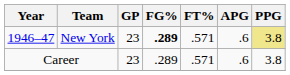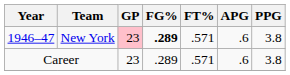 <table class="wikitable sortable" style="font-size:95%; text-align:right;">
 <tr>
 <th>Year</th>
 <th>Team</th>
 <th>GP</th>
 <th>FG%</th>
 <th>FT%</th>
 <th>APG</th>
 <th>PPG</th>
 </tr>
 <tr>
 <td style="text-align:left;"><a href='#'>1946–47</a></td>
 <td style="text-align:left;"><a href='#'>New York</a></td>
-<td>23</td>
+<td style="background: pink;">23</td>
 <td><strong>.289</strong></td>
 <td>.571</td>
 <td>.6</td>
-<td style="background: khaki;">3.8</td>
+<td>3.8</td>
 </tr>
 <tr>
 <td style="text-align:center;" colspan="2">Career</td>
 <td>23</td>
 <td>.289</td>
 <td>.571</td>
 <td>.6</td>
 <td>3.8</td>
 </tr>
 <tr>
 </tr>
 </table>
